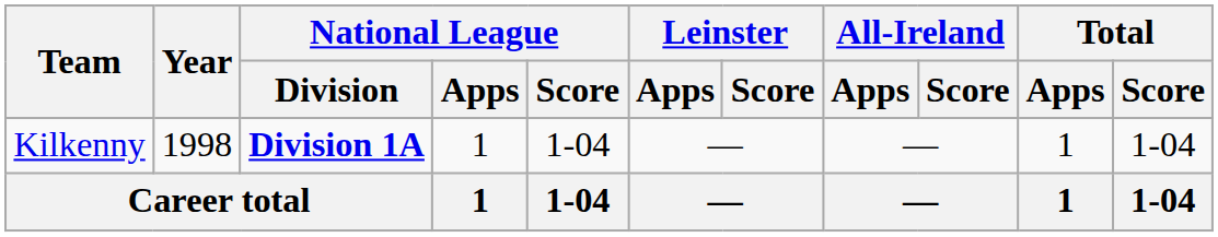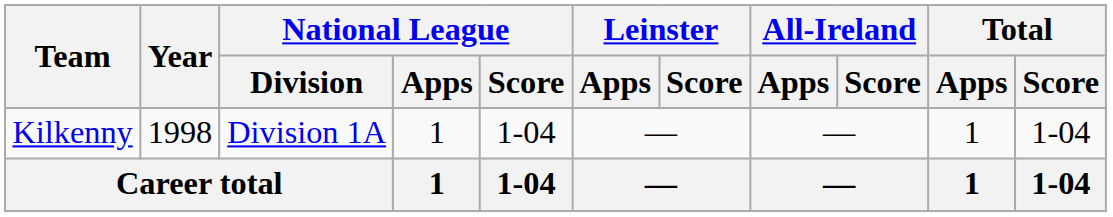 <table class="wikitable" style="text-align:center">
 <tr>
 <th rowspan="2">Team</th>
 <th rowspan="2">Year</th>
 <th colspan="3"><a href='#'>National League</a></th>
 <th colspan="2"><a href='#'>Leinster</a></th>
 <th colspan="2"><a href='#'>All-Ireland</a></th>
 <th colspan="2">Total</th>
 </tr>
 <tr>
 <th>Division</th>
 <th>Apps</th>
 <th>Score</th>
 <th>Apps</th>
 <th>Score</th>
 <th>Apps</th>
 <th>Score</th>
 <th>Apps</th>
 <th>Score</th>
 </tr>
 <tr>
 <td rowspan="1"><a href='#'>Kilkenny</a></td>
 <td>1998</td>
-<td rowspan="1"><strong><a href='#'>Division 1A</a></strong></td>
+<td rowspan="1"><a href='#'>Division 1A</a></td>
 <td>1</td>
 <td>1-04</td>
 <td colspan=2>—</td>
 <td colspan=2>—</td>
 <td>1</td>
 <td>1-04</td>
 </tr>
 <tr>
 <th colspan="3">Career total</th>
 <th>1</th>
 <th>1-04</th>
 <th colspan=2>—</th>
 <th colspan=2>—</th>
 <th>1</th>
 <th>1-04</th>
 </tr>
 </table>
